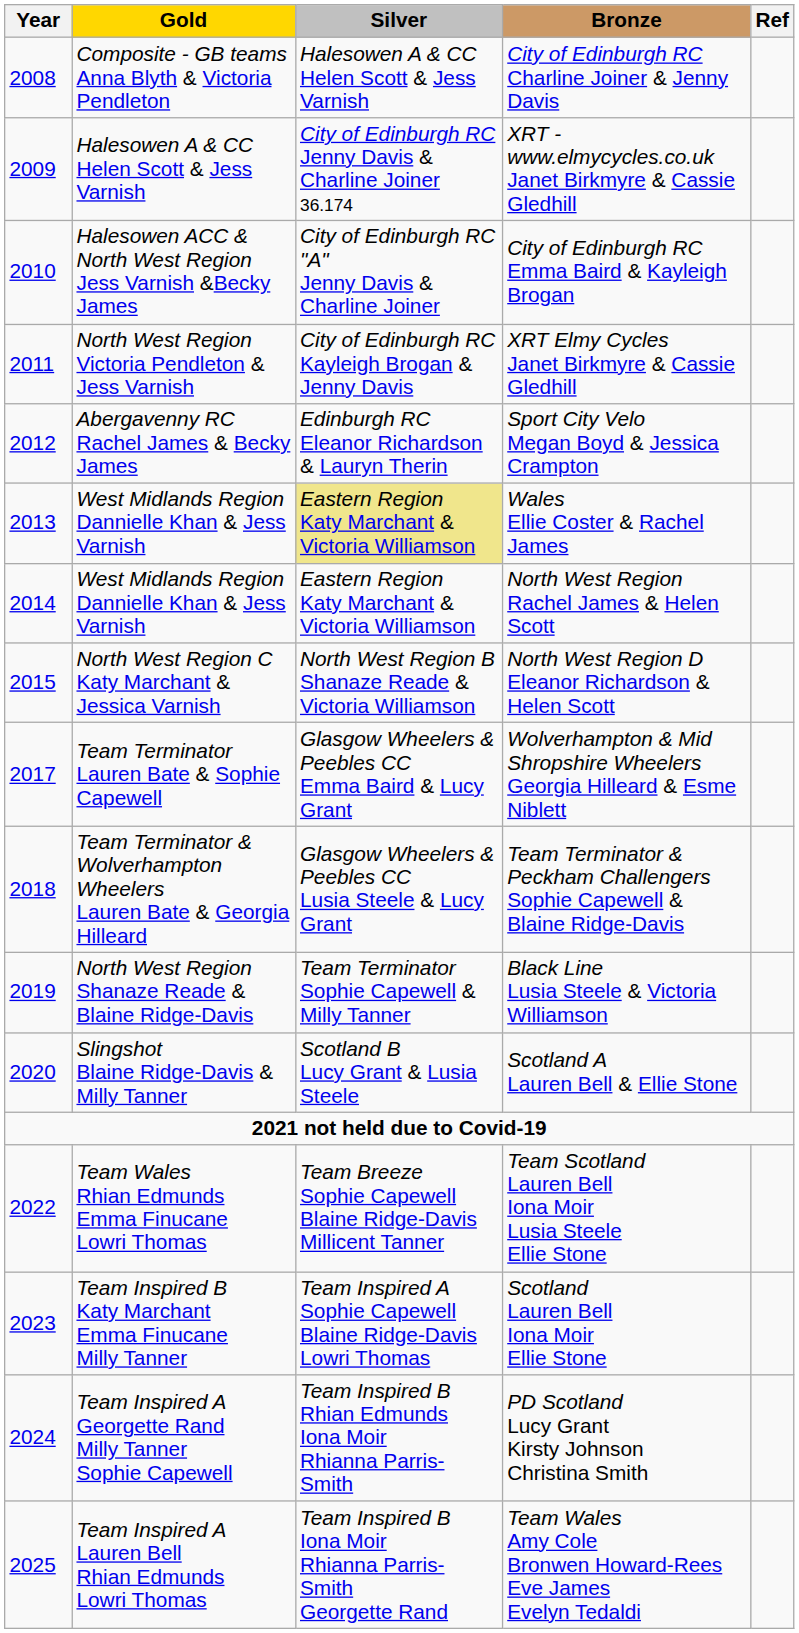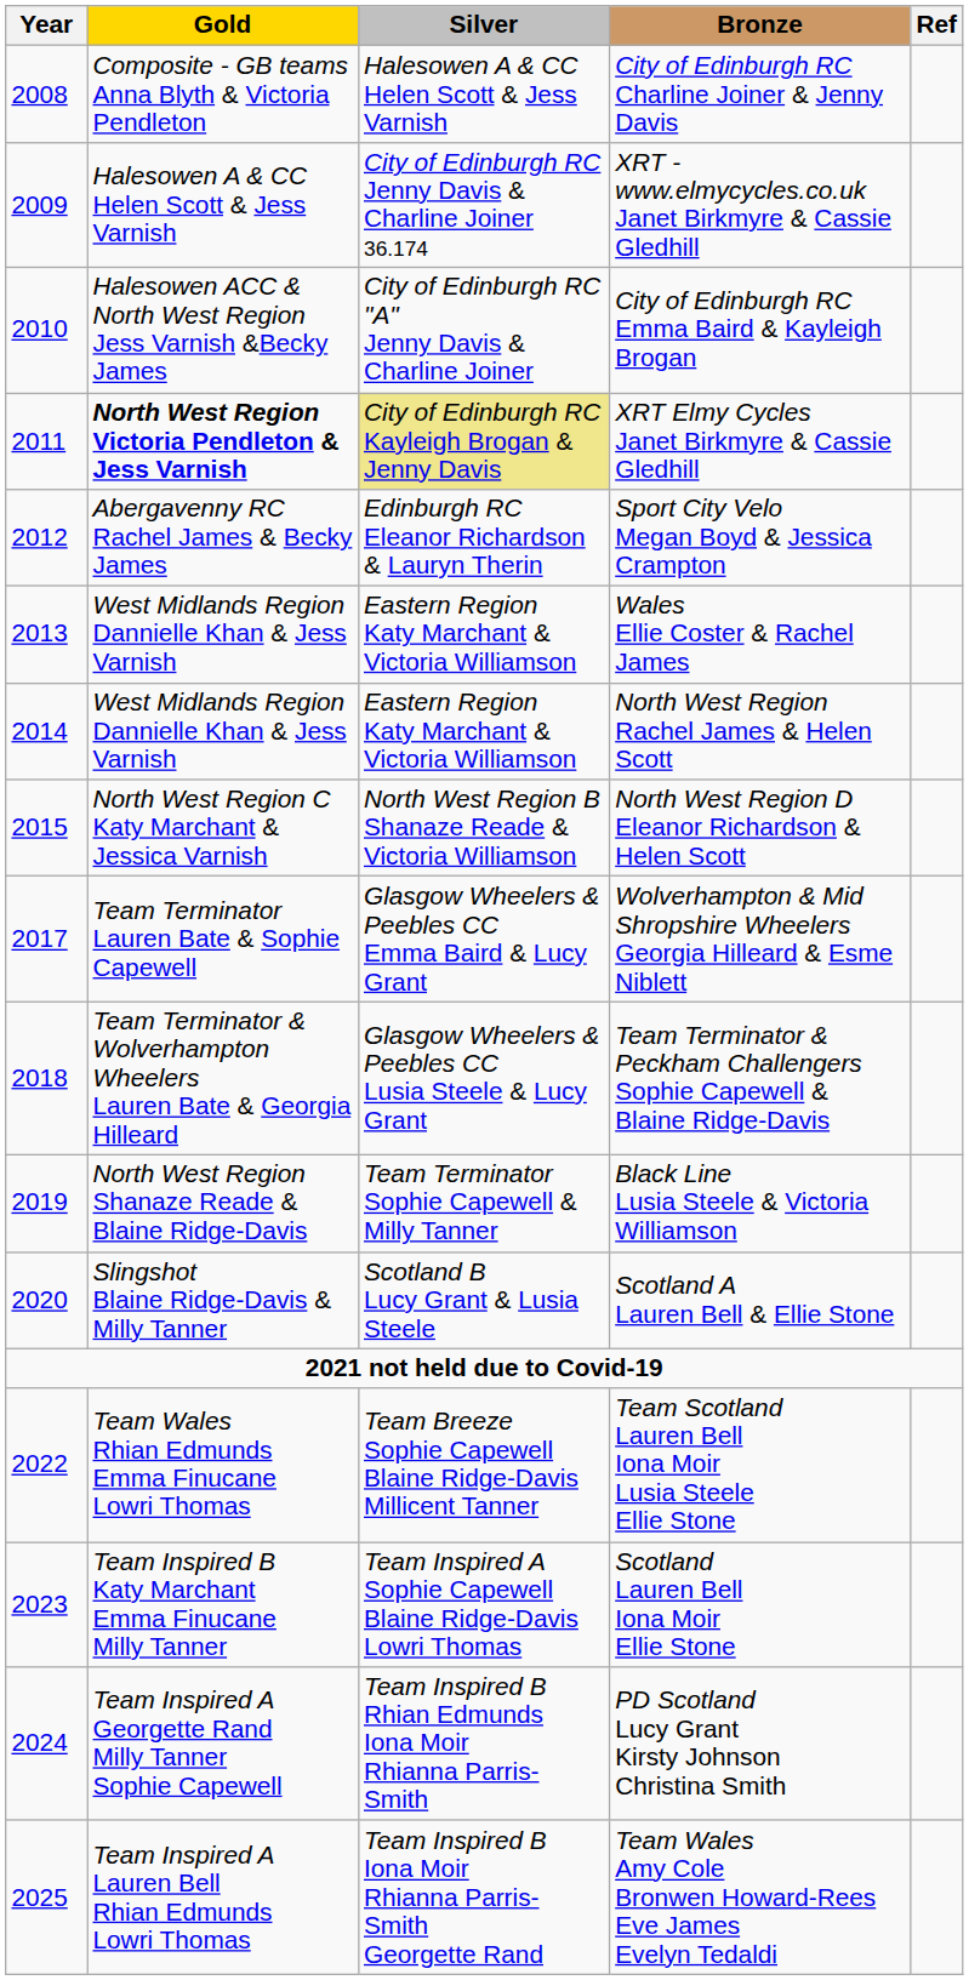 <table class="wikitable" style="font-size: 100%">
 <tr>
 <th width=50>Year</th>
 <th width=200 style="background-color: gold;">Gold</th>
 <th width=200 style="background-color: silver;">Silver</th>
 <th width=200 style="background-color: #cc9966;">Bronze</th>
 <th width=20>Ref</th>
 </tr>
 <tr>
 <td><a href='#'>2008</a></td>
 <td><em>Composite - GB teams</em><br><a href='#'>Anna Blyth</a> & <a href='#'>Victoria Pendleton</a></td>
 <td><em>Halesowen A & CC</em><br><a href='#'>Helen Scott</a> & <a href='#'>Jess Varnish</a></td>
 <td><em><a href='#'>City of Edinburgh RC</a></em><br><a href='#'>Charline Joiner</a> & <a href='#'>Jenny Davis</a></td>
 <td></td>
 </tr>
 <tr>
 <td><a href='#'>2009</a></td>
 <td><em>Halesowen A & CC</em><br><a href='#'>Helen Scott</a> & <a href='#'>Jess Varnish</a></td>
 <td><em><a href='#'>City of Edinburgh RC</a></em><br><a href='#'>Jenny Davis</a> & <a href='#'>Charline Joiner</a> <small>36.174</small></td>
 <td><em>XRT - www.elmycycles.co.uk</em> <br><a href='#'>Janet Birkmyre</a> & <a href='#'>Cassie Gledhill</a></td>
 <td></td>
 </tr>
 <tr>
 <td><a href='#'>2010</a></td>
 <td><em>Halesowen ACC & North West Region</em> <br> <a href='#'>Jess Varnish</a>  &<a href='#'>Becky James</a></td>
 <td><em>City of Edinburgh RC "A"</em><br><a href='#'>Jenny Davis</a> & <a href='#'>Charline Joiner</a></td>
 <td><em>City of Edinburgh RC</em><br><a href='#'>Emma Baird</a> & <a href='#'>Kayleigh Brogan</a></td>
 <td></td>
 </tr>
 <tr>
 <td><a href='#'>2011</a></td>
-<td><em>North West Region</em><br><a href='#'>Victoria Pendleton</a> & <a href='#'>Jess Varnish</a></td>
-<td><em>City of Edinburgh RC</em> <br><a href='#'>Kayleigh Brogan</a> & <a href='#'>Jenny Davis</a></td>
+<td><strong><em>North West Region</em><br><a href='#'>Victoria Pendleton</a> & <a href='#'>Jess Varnish</a></strong></td>
+<td style="background: khaki;"><em>City of Edinburgh RC</em> <br><a href='#'>Kayleigh Brogan</a> & <a href='#'>Jenny Davis</a></td>
 <td><em>XRT Elmy Cycles</em><br><a href='#'>Janet Birkmyre</a> & <a href='#'>Cassie Gledhill</a></td>
 <td></td>
 </tr>
 <tr>
 <td><a href='#'>2012</a></td>
 <td><em>Abergavenny RC</em><br><a href='#'>Rachel James</a> & <a href='#'>Becky James</a></td>
 <td><em>Edinburgh RC</em><br><a href='#'>Eleanor Richardson</a> & <a href='#'>Lauryn Therin</a></td>
 <td><em>Sport City Velo</em><br><a href='#'>Megan Boyd</a> & <a href='#'>Jessica Crampton</a></td>
 <td></td>
 </tr>
 <tr>
 <td><a href='#'>2013</a></td>
 <td><em>West Midlands Region</em><br><a href='#'>Dannielle Khan</a> & <a href='#'>Jess Varnish</a></td>
-<td style="background: khaki;"><em>Eastern Region</em> <br><a href='#'>Katy Marchant</a> & <a href='#'>Victoria Williamson</a></td>
+<td><em>Eastern Region</em> <br><a href='#'>Katy Marchant</a> & <a href='#'>Victoria Williamson</a></td>
 <td><em>Wales</em><br><a href='#'>Ellie Coster</a> & <a href='#'>Rachel James</a></td>
 <td></td>
 </tr>
 <tr>
 <td><a href='#'>2014</a></td>
 <td><em>West Midlands Region</em><br><a href='#'>Dannielle Khan</a> & <a href='#'>Jess Varnish</a></td>
 <td><em>Eastern Region</em> <br><a href='#'>Katy Marchant</a> & <a href='#'>Victoria Williamson</a></td>
 <td><em>North West Region</em><br> <a href='#'>Rachel James</a> & <a href='#'>Helen Scott</a></td>
 <td></td>
 </tr>
 <tr>
 <td><a href='#'>2015</a></td>
 <td><em>North West Region C</em><br><a href='#'>Katy Marchant</a> & <a href='#'>Jessica Varnish</a></td>
 <td><em>North West Region B</em><br><a href='#'>Shanaze Reade</a> & <a href='#'>Victoria Williamson</a></td>
 <td><em>North West Region D</em><br><a href='#'>Eleanor Richardson</a> & <a href='#'>Helen Scott</a></td>
 <td></td>
 </tr>
 <tr>
 <td><a href='#'>2017</a></td>
 <td><em>Team Terminator</em><br><a href='#'>Lauren Bate</a> & <a href='#'>Sophie Capewell</a></td>
 <td><em>Glasgow Wheelers & Peebles CC</em> <br><a href='#'>Emma Baird</a> & <a href='#'>Lucy Grant</a></td>
 <td><em>Wolverhampton & Mid Shropshire Wheelers</em><br><a href='#'>Georgia Hilleard</a> & <a href='#'>Esme Niblett</a></td>
 <td></td>
 </tr>
 <tr>
 <td><a href='#'>2018</a></td>
 <td><em>Team Terminator & Wolverhampton Wheelers</em><br><a href='#'>Lauren Bate</a> & <a href='#'>Georgia Hilleard</a></td>
 <td><em>Glasgow Wheelers & Peebles CC</em><br> <a href='#'>Lusia Steele</a> & <a href='#'>Lucy Grant</a></td>
 <td><em>Team Terminator & Peckham Challengers</em><br><a href='#'>Sophie Capewell</a> & <a href='#'>Blaine Ridge-Davis</a></td>
 <td></td>
 </tr>
 <tr>
 <td><a href='#'>2019</a></td>
 <td><em>North West Region</em> <br><a href='#'>Shanaze Reade</a> & <a href='#'>Blaine Ridge-Davis</a></td>
 <td><em>Team Terminator</em><br> <a href='#'>Sophie Capewell</a> & <a href='#'>Milly Tanner</a></td>
 <td><em>Black Line</em><br> <a href='#'>Lusia Steele</a> & <a href='#'>Victoria Williamson</a></td>
 <td></td>
 </tr>
 <tr>
 <td><a href='#'>2020</a></td>
 <td><em>Slingshot</em> <br><a href='#'>Blaine Ridge-Davis</a> & <a href='#'>Milly Tanner</a></td>
 <td><em>Scotland B</em><br><a href='#'>Lucy Grant</a> & <a href='#'>Lusia Steele</a></td>
 <td><em>Scotland A</em><br><a href='#'>Lauren Bell</a> & <a href='#'>Ellie Stone</a></td>
 <td></td>
 </tr>
 <tr>
 <td colspan=5 align=center><strong>2021 not held due to Covid-19</strong></td>
 </tr>
 <tr>
 <td><a href='#'>2022</a></td>
 <td><em>Team Wales</em><br><a href='#'>Rhian Edmunds</a><br> <a href='#'>Emma Finucane</a><br> <a href='#'>Lowri Thomas</a></td>
 <td><em>Team Breeze</em><br><a href='#'>Sophie Capewell</a><br> <a href='#'>Blaine Ridge-Davis</a> <br> <a href='#'>Millicent Tanner</a></td>
 <td><em>Team Scotland</em><br><a href='#'>Lauren Bell</a><br><a href='#'>Iona Moir</a><br> <a href='#'>Lusia Steele</a> <br> <a href='#'>Ellie Stone</a></td>
 <td></td>
 </tr>
 <tr>
 <td><a href='#'>2023</a></td>
 <td><em>Team Inspired B</em><br><a href='#'>Katy Marchant</a><br> <a href='#'>Emma Finucane</a> <br> <a href='#'>Milly Tanner</a></td>
 <td><em>Team Inspired A</em><br><a href='#'>Sophie Capewell</a><br> <a href='#'>Blaine Ridge-Davis</a> <br> <a href='#'>Lowri Thomas</a></td>
 <td><em>Scotland</em><br><a href='#'>Lauren Bell</a><br> <a href='#'>Iona Moir</a> <br><a href='#'>Ellie Stone</a></td>
 <td></td>
 </tr>
 <tr>
 <td><a href='#'>2024</a></td>
 <td><em>Team Inspired A</em><br><a href='#'>Georgette Rand</a><br><a href='#'>Milly Tanner</a><br><a href='#'>Sophie Capewell</a></td>
 <td><em>Team Inspired B</em><br><a href='#'>Rhian Edmunds</a><br><a href='#'>Iona Moir</a><br><a href='#'>Rhianna Parris-Smith</a></td>
 <td><em>PD Scotland</em><br>Lucy Grant<br>Kirsty Johnson<br>Christina Smith</td>
 <td></td>
 </tr>
 <tr>
 <td><a href='#'>2025</a></td>
 <td><em>Team Inspired A</em><br><a href='#'>Lauren Bell</a><br><a href='#'>Rhian Edmunds</a><br><a href='#'>Lowri Thomas</a></td>
 <td><em>Team Inspired B</em><br><a href='#'>Iona Moir</a><br><a href='#'>Rhianna Parris-Smith</a><br><a href='#'>Georgette Rand</a></td>
 <td><em>Team Wales</em><br><a href='#'>Amy Cole</a><br><a href='#'>Bronwen Howard-Rees</a><br><a href='#'>Eve James</a><br><a href='#'>Evelyn Tedaldi</a></td>
 <td></td>
 </tr>
 </table>
